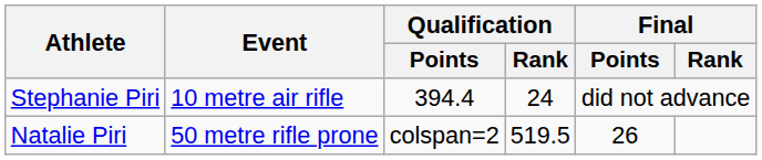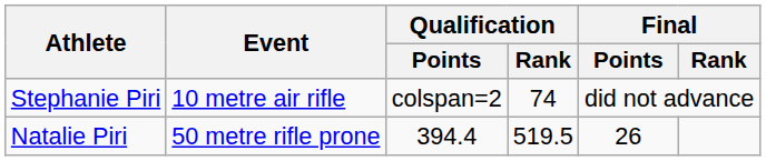 <table class="wikitable" style="font-size:90%">
 <tr>
 <th rowspan=2>Athlete</th>
 <th rowspan=2>Event</th>
 <th colspan=2>Qualification</th>
 <th colspan=2>Final</th>
 </tr>
 <tr style="font-size:95%">
 <th>Points</th>
 <th>Rank</th>
 <th>Points</th>
 <th>Rank</th>
 </tr>
 <tr align=center>
 <td align=left><a href='#'>Stephanie Piri</a></td>
 <td align=left><a href='#'>10 metre air rifle</a></td>
-<td>394.4</td>
-<td>24</td>
+<td>colspan=2 </td>
+<td>74</td>
 <td colspan=2>did not advance</td>
 </tr>
 <tr align=center>
 <td align=left><a href='#'>Natalie Piri</a></td>
 <td align=left><a href='#'>50 metre rifle prone</a></td>
-<td>colspan=2 </td>
+<td>394.4</td>
 <td>519.5</td>
 <td>26</td>
 </tr>
 </table>
